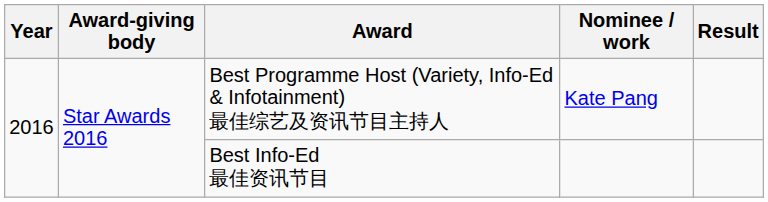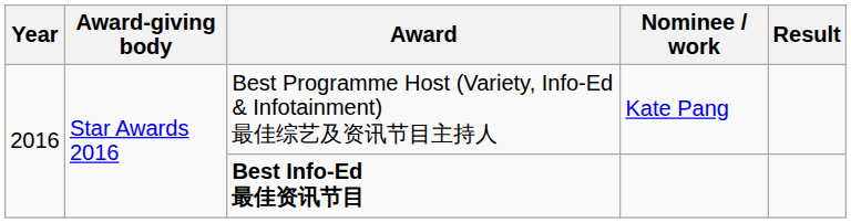 <table class="wikitable">
 <tr>
 <th>Year</th>
 <th>Award-giving body</th>
 <th>Award</th>
 <th>Nominee / work</th>
 <th>Result</th>
 </tr>
 <tr>
 <td rowspan="2">2016</td>
 <td rowspan="2"><a href='#'>Star Awards 2016</a></td>
 <td>Best Programme Host (Variety, Info-Ed & Infotainment) <br> 最佳综艺及资讯节目主持人</td>
 <td><a href='#'>Kate Pang</a></td>
 <td></td>
 </tr>
 <tr>
-<td>Best Info-Ed <br> 最佳资讯节目</td>
+<td><strong>Best Info-Ed <br> 最佳资讯节目</strong></td>
 <td></td>
 <td></td>
 </tr>
 </table>
